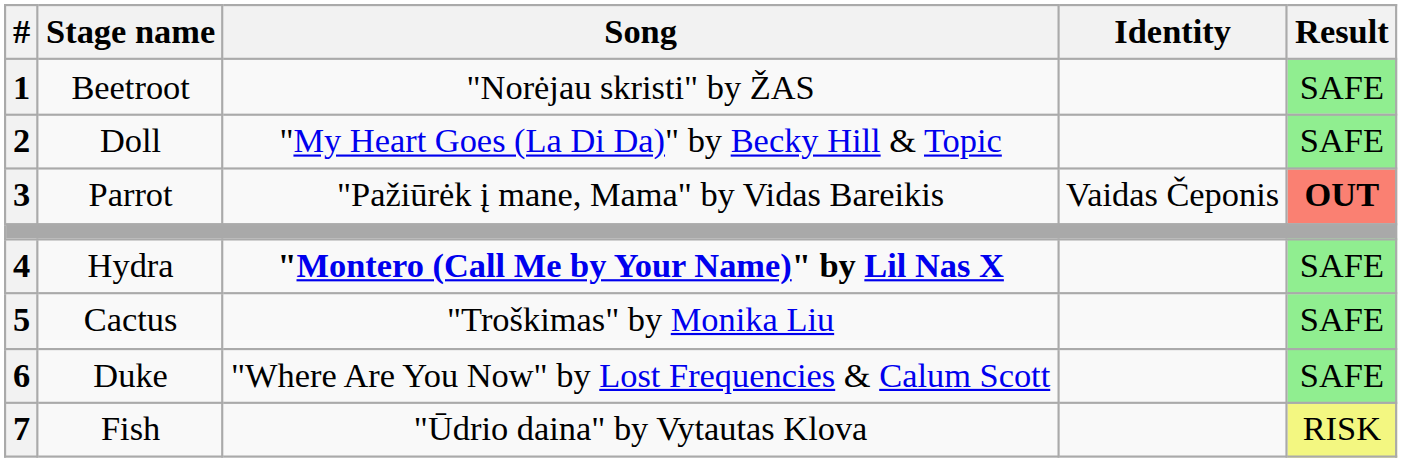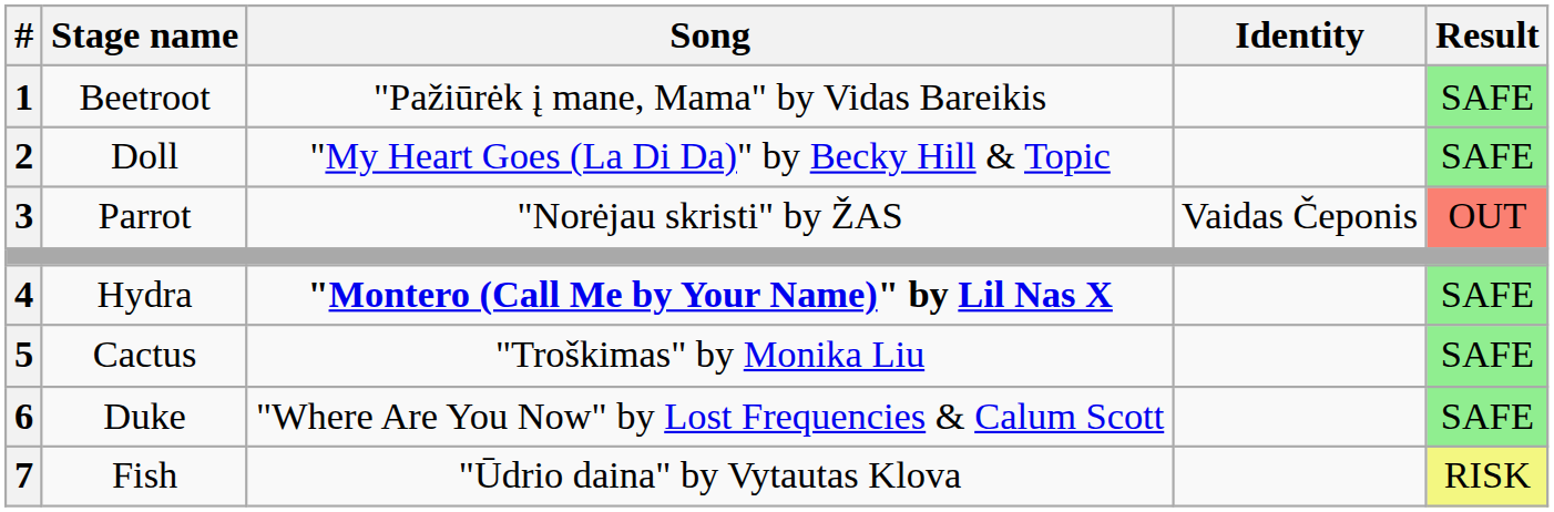 <table class="wikitable plainrowheaders" style="text-align: center;">
 <tr>
 <th>#</th>
 <th>Stage name</th>
 <th>Song</th>
 <th>Identity</th>
 <th>Result</th>
 </tr>
 <tr>
 <th>1</th>
 <td>Beetroot</td>
-<td>"Norėjau skristi" by ŽAS</td>
+<td>"Pažiūrėk į mane, Mama" by Vidas Bareikis</td>
 <td></td>
 <td bgcolor="lightgreen">SAFE</td>
 </tr>
 <tr>
 <th>2</th>
 <td>Doll</td>
 <td>"<a href='#'>My Heart Goes (La Di Da)</a>" by <a href='#'>Becky Hill</a> & <a href='#'>Topic</a></td>
 <td></td>
 <td bgcolor="lightgreen">SAFE</td>
 </tr>
 <tr>
 <th>3</th>
 <td>Parrot</td>
-<td>"Pažiūrėk į mane, Mama" by Vidas Bareikis</td>
+<td>"Norėjau skristi" by ŽAS</td>
 <td>Vaidas Čeponis</td>
-<td bgcolor="salmon"><strong>OUT</strong></td>
+<td bgcolor="salmon">OUT</td>
 </tr>
 <tr>
 <td colspan="5" style="background:darkgray"></td>
 </tr>
 <tr>
 <th>4</th>
 <td>Hydra</td>
 <td><strong>"<a href='#'>Montero (Call Me by Your Name)</a>" by <a href='#'>Lil Nas X</a></strong></td>
 <td></td>
 <td bgcolor="lightgreen">SAFE</td>
 </tr>
 <tr>
 <th>5</th>
 <td>Cactus</td>
 <td>"Troškimas" by <a href='#'>Monika Liu</a></td>
 <td></td>
 <td bgcolor="lightgreen">SAFE</td>
 </tr>
 <tr>
 <th>6</th>
 <td>Duke</td>
 <td>"Where Are You Now" by <a href='#'>Lost Frequencies</a> & <a href='#'>Calum Scott</a></td>
 <td></td>
 <td bgcolor="lightgreen">SAFE</td>
 </tr>
 <tr>
 <th>7</th>
 <td>Fish</td>
 <td>"Ūdrio daina" by Vytautas Klova</td>
 <td></td>
 <td bgcolor="#F3F781">RISK</td>
 </tr>
 </table>
